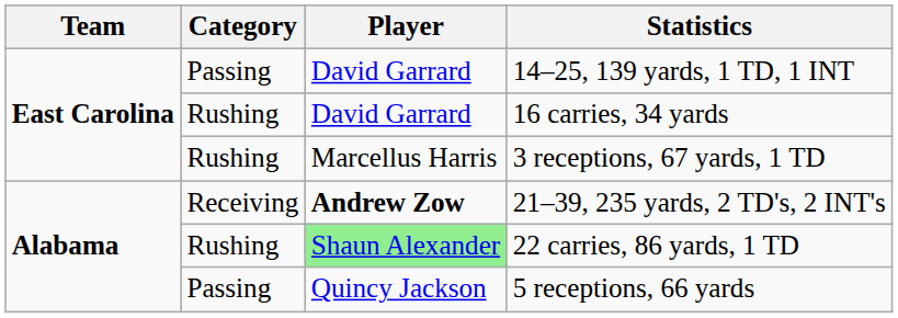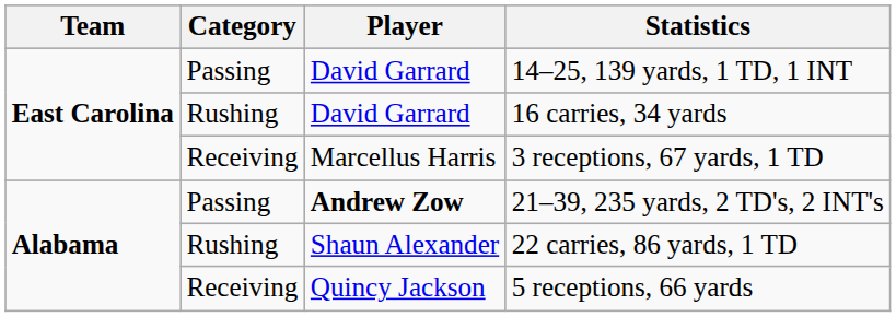 <table class="wikitable" style="float: right;">
 <tr>
 <th>Team</th>
 <th>Category</th>
 <th>Player</th>
 <th>Statistics</th>
 </tr>
 <tr>
 <td rowspan=3><strong>East Carolina</strong></td>
 <td>Passing</td>
 <td><a href='#'>David Garrard</a></td>
 <td>14–25, 139 yards, 1 TD, 1 INT</td>
 </tr>
 <tr>
 <td>Rushing</td>
 <td><a href='#'>David Garrard</a></td>
 <td>16 carries, 34 yards</td>
 </tr>
 <tr>
-<td>Rushing</td>
+<td>Receiving</td>
 <td>Marcellus Harris</td>
 <td>3 receptions, 67 yards, 1 TD</td>
 </tr>
 <tr>
 <td rowspan=3><strong>Alabama</strong></td>
-<td>Receiving</td>
+<td>Passing</td>
 <td><strong>Andrew Zow</strong></td>
 <td>21–39, 235 yards, 2 TD's, 2 INT's</td>
 </tr>
 <tr>
 <td>Rushing</td>
-<td style="background: lightgreen;"><a href='#'>Shaun Alexander</a></td>
+<td><a href='#'>Shaun Alexander</a></td>
 <td>22 carries, 86 yards, 1 TD</td>
 </tr>
 <tr>
-<td>Passing</td>
+<td>Receiving</td>
 <td><a href='#'>Quincy Jackson</a></td>
 <td>5 receptions, 66 yards</td>
 </tr>
 </table>
